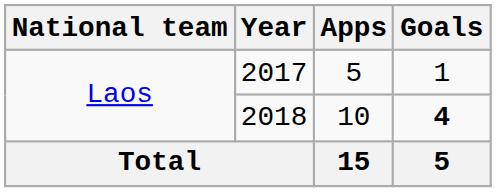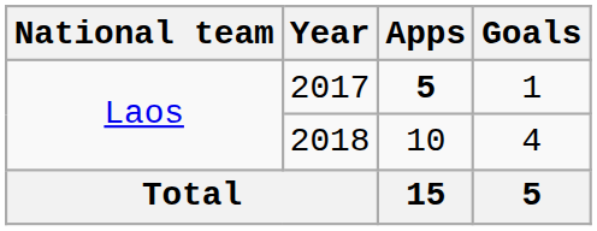 <table class="wikitable" style="text-align:center">
 <tr>
 <th>National team</th>
 <th>Year</th>
 <th>Apps</th>
 <th>Goals</th>
 </tr>
 <tr>
 <td rowspan="2"><a href='#'>Laos</a></td>
 <td>2017</td>
-<td>5</td>
+<td><strong>5</strong></td>
 <td>1</td>
 </tr>
 <tr>
 <td>2018</td>
 <td>10</td>
-<td><strong>4</strong></td>
+<td>4</td>
 </tr>
 <tr>
 <th colspan=2>Total</th>
 <th>15</th>
 <th>5</th>
 </tr>
 </table>
